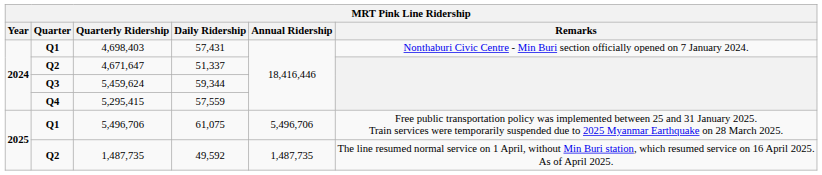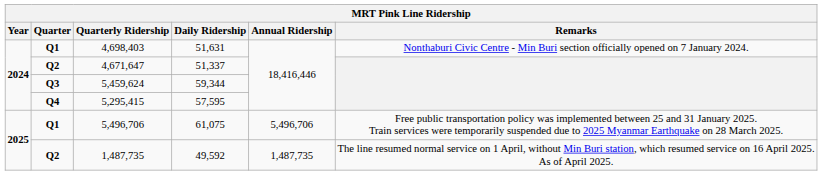 <table class="wikitable" style="margin:auto;font-align:center;text-align:center;font-size:90%;">
 <tr>
 <th align="center" colspan="6" style="background:#">MRT Pink Line Ridership</th>
 </tr>
 <tr>
 <th style="background:#">Year</th>
 <th style="background:#">Quarter</th>
 <th style="background:#">Quarterly Ridership</th>
 <th style="background:#">Daily Ridership</th>
 <th style="background:#"><strong>Annual Ridership</strong></th>
 <th style="background:#">Remarks</th>
 </tr>
 <tr>
 <td rowspan="4"><strong>2024</strong></td>
 <td><strong>Q1</strong></td>
 <td>4,698,403</td>
-<td>57,431</td>
+<td>51,631</td>
 <td rowspan="4">18,416,446</td>
 <td><a href='#'>Nonthaburi Civic Centre</a> - <a href='#'>Min Buri</a> section officially opened on 7 January 2024.</td>
 </tr>
 <tr>
 <td><strong>Q2</strong></td>
 <td>4,671,647</td>
 <td>51,337</td>
 <th rowspan="3"></th>
 </tr>
 <tr>
 <td><strong>Q3</strong></td>
 <td>5,459,624</td>
 <td>59,344</td>
 </tr>
 <tr>
 <td><strong>Q4</strong></td>
 <td>5,295,415</td>
-<td>57,559</td>
+<td>57,595</td>
 </tr>
 <tr>
 <td rowspan="2"><strong>2025</strong></td>
 <td><strong>Q1</strong></td>
 <td>5,496,706</td>
 <td>61,075</td>
 <td>5,496,706</td>
 <td>Free public transportation policy was implemented between 25 and 31 January 2025.<br>Train services were temporarily suspended due to <a href='#'>2025 Myanmar Earthquake</a> on 28 March 2025.</td>
 </tr>
 <tr>
 <td><strong>Q2</strong></td>
 <td>1,487,735</td>
 <td>49,592</td>
 <td>1,487,735</td>
 <td>The line resumed normal service on 1 April, without <a href='#'>Min Buri station</a>, which resumed service on 16 April 2025.<br>As of April 2025.</td>
 </tr>
 </table>
